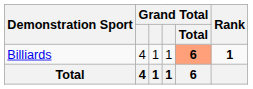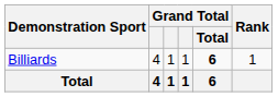 <table class="wikitable" style="font-size: 95%">
 <tr>
 <th rowspan=2>Demonstration Sport</th>
 <th colspan=4>Grand Total</th>
 <th rowspan=2>Rank</th>
 </tr>
 <tr>
 <th></th>
 <th></th>
 <th></th>
 <th>Total</th>
 </tr>
 <tr align=center>
 <td align=left><a href='#'>Billiards</a></td>
 <td>4</td>
 <td>1</td>
 <td>1</td>
-<td style="background: lightsalmon;"><strong>6</strong></td>
-<td><strong>1</strong></td>
+<td><strong>6</strong></td>
+<td>1</td>
 </tr>
 <tr align=center>
 <th>Total</th>
 <th>4</th>
 <th>1</th>
 <th>1</th>
 <th>6</th>
 <th></th>
 </tr>
 </table>
